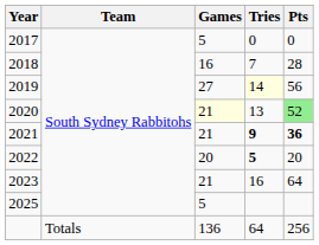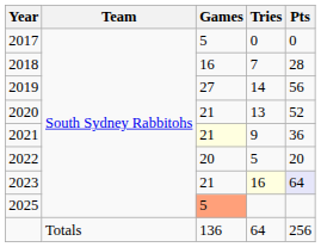 <table class="wikitable">
 <tr>
 <th>Year</th>
 <th>Team</th>
 <th>Games</th>
 <th>Tries</th>
 <th>Pts</th>
 </tr>
 <tr>
 <td>2017</td>
 <td rowspan="8"> <a href='#'>South Sydney Rabbitohs</a></td>
 <td>5</td>
 <td>0</td>
 <td>0</td>
 </tr>
 <tr>
 <td>2018</td>
 <td>16</td>
 <td>7</td>
 <td>28</td>
 </tr>
 <tr>
 <td>2019</td>
 <td>27</td>
-<td style="background: lightyellow;">14</td>
+<td>14</td>
 <td>56</td>
 </tr>
 <tr>
 <td>2020</td>
-<td style="background: lightyellow;">21</td>
+<td>21</td>
 <td>13</td>
-<td style="background: lightgreen;">52</td>
+<td>52</td>
 </tr>
 <tr>
 <td>2021</td>
-<td>21</td>
-<td><strong>9</strong></td>
-<td><strong>36</strong></td>
+<td style="background: lightyellow;">21</td>
+<td>9</td>
+<td>36</td>
 </tr>
 <tr>
 <td>2022</td>
 <td>20</td>
-<td><strong>5</strong></td>
+<td>5</td>
 <td>20</td>
 </tr>
 <tr>
 <td>2023</td>
 <td>21</td>
-<td>16</td>
-<td>64</td>
+<td style="background: lightyellow;">16</td>
+<td style="background: lavender;">64</td>
 </tr>
 <tr>
 <td>2025</td>
-<td>5</td>
+<td style="background: lightsalmon;">5</td>
 <td></td>
 <td></td>
 </tr>
 <tr>
 <td></td>
 <td>Totals</td>
 <td>136</td>
 <td>64</td>
 <td>256</td>
 </tr>
 </table>
